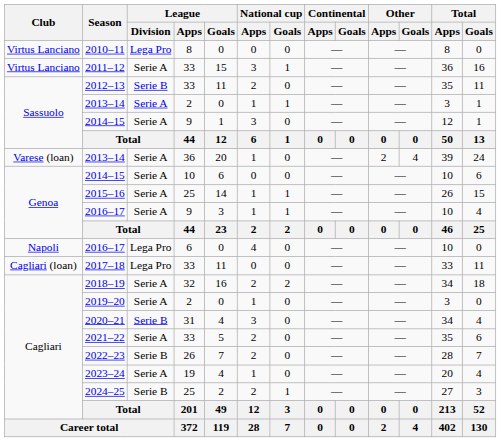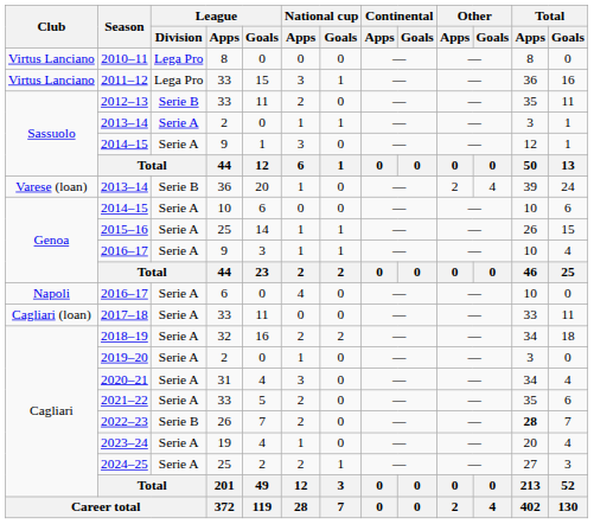 <table class="wikitable" style="text-align: center;">
 <tr>
 <th rowspan="2">Club</th>
 <th rowspan="2">Season</th>
 <th colspan="3">League</th>
 <th colspan="2">National cup</th>
 <th colspan="2">Continental</th>
 <th colspan="2">Other</th>
 <th colspan="2">Total</th>
 </tr>
 <tr>
 <th>Division</th>
 <th>Apps</th>
 <th>Goals</th>
 <th>Apps</th>
 <th>Goals</th>
 <th>Apps</th>
 <th>Goals</th>
 <th>Apps</th>
 <th>Goals</th>
 <th>Apps</th>
 <th>Goals</th>
 </tr>
 <tr>
 <td><a href='#'>Virtus Lanciano</a></td>
 <td><a href='#'>2010–11</a></td>
 <td><a href='#'>Lega Pro</a></td>
 <td>8</td>
 <td>0</td>
 <td>0</td>
 <td>0</td>
 <td colspan="2“">—</td>
 <td colspan="2“">—</td>
 <td>8</td>
 <td>0</td>
 </tr>
 <tr>
 <td><a href='#'>Virtus Lanciano</a></td>
 <td><a href='#'>2011–12</a></td>
-<td>Serie A</td>
+<td>Lega Pro</td>
 <td>33</td>
 <td>15</td>
 <td>3</td>
 <td>1</td>
 <td colspan="2“">—</td>
 <td colspan="2“">—</td>
 <td>36</td>
 <td>16</td>
 </tr>
 <tr>
 <td rowspan="4"><a href='#'>Sassuolo</a></td>
 <td><a href='#'>2012–13</a></td>
 <td><a href='#'>Serie B</a></td>
 <td>33</td>
 <td>11</td>
 <td>2</td>
 <td>0</td>
 <td colspan="2“">—</td>
 <td colspan="2“">—</td>
 <td>35</td>
 <td>11</td>
 </tr>
 <tr>
 <td><a href='#'>2013–14</a></td>
 <td><a href='#'>Serie A</a></td>
 <td>2</td>
 <td>0</td>
 <td>1</td>
 <td>1</td>
 <td colspan="2“">—</td>
 <td colspan="2“">—</td>
 <td>3</td>
 <td>1</td>
 </tr>
 <tr>
 <td><a href='#'>2014–15</a></td>
 <td>Serie A</td>
 <td>9</td>
 <td>1</td>
 <td>3</td>
 <td>0</td>
 <td colspan="2“">—</td>
 <td colspan="2“">—</td>
 <td>12</td>
 <td>1</td>
 </tr>
 <tr>
 <th colspan="2">Total</th>
 <th>44</th>
 <th>12</th>
 <th>6</th>
 <th>1</th>
 <th>0</th>
 <th>0</th>
 <th>0</th>
 <th>0</th>
 <th>50</th>
 <th>13</th>
 </tr>
 <tr>
 <td><a href='#'>Varese</a> (loan)</td>
 <td><a href='#'>2013–14</a></td>
-<td>Serie A</td>
+<td>Serie B</td>
 <td>36</td>
 <td>20</td>
 <td>1</td>
 <td>0</td>
 <td colspan="2“">—</td>
 <td>2</td>
 <td>4</td>
 <td>39</td>
 <td>24</td>
 </tr>
 <tr>
 <td rowspan="4"><a href='#'>Genoa</a></td>
 <td><a href='#'>2014–15</a></td>
 <td>Serie A</td>
 <td>10</td>
 <td>6</td>
 <td>0</td>
 <td>0</td>
 <td colspan="2“">—</td>
 <td colspan="2“">—</td>
 <td>10</td>
 <td>6</td>
 </tr>
 <tr>
 <td><a href='#'>2015–16</a></td>
 <td>Serie A</td>
 <td>25</td>
 <td>14</td>
 <td>1</td>
 <td>1</td>
 <td colspan="2“">—</td>
 <td colspan="2“">—</td>
 <td>26</td>
 <td>15</td>
 </tr>
 <tr>
 <td><a href='#'>2016–17</a></td>
 <td>Serie A</td>
 <td>9</td>
 <td>3</td>
 <td>1</td>
 <td>1</td>
 <td colspan="2“">—</td>
 <td colspan="2“">—</td>
 <td>10</td>
 <td>4</td>
 </tr>
 <tr>
 <th colspan="2">Total</th>
 <th>44</th>
 <th>23</th>
 <th>2</th>
 <th>2</th>
 <th>0</th>
 <th>0</th>
 <th>0</th>
 <th>0</th>
 <th>46</th>
 <th>25</th>
 </tr>
 <tr>
 <td><a href='#'>Napoli</a></td>
 <td><a href='#'>2016–17</a></td>
-<td>Lega Pro</td>
+<td>Serie A</td>
 <td>6</td>
 <td>0</td>
 <td>4</td>
 <td>0</td>
 <td colspan="2“">—</td>
 <td colspan="2“">—</td>
 <td>10</td>
 <td>0</td>
 </tr>
 <tr>
 <td><a href='#'>Cagliari</a> (loan)</td>
 <td><a href='#'>2017–18</a></td>
-<td>Lega Pro</td>
+<td>Serie A</td>
 <td>33</td>
 <td>11</td>
 <td>0</td>
 <td>0</td>
 <td colspan="2“">—</td>
 <td colspan="2“">—</td>
 <td>33</td>
 <td>11</td>
 </tr>
 <tr>
 <td rowspan="8">Cagliari</td>
 <td><a href='#'>2018–19</a></td>
 <td>Serie A</td>
 <td>32</td>
 <td>16</td>
 <td>2</td>
 <td>2</td>
 <td colspan="2“">—</td>
 <td colspan="2“">—</td>
 <td>34</td>
 <td>18</td>
 </tr>
 <tr>
 <td><a href='#'>2019–20</a></td>
 <td>Serie A</td>
 <td>2</td>
 <td>0</td>
 <td>1</td>
 <td>0</td>
 <td colspan="2“">—</td>
 <td colspan="2“">—</td>
 <td>3</td>
 <td>0</td>
 </tr>
 <tr>
 <td><a href='#'>2020–21</a></td>
-<td><a href='#'>Serie B</a></td>
+<td>Serie A</td>
 <td>31</td>
 <td>4</td>
 <td>3</td>
 <td>0</td>
 <td colspan="2“">—</td>
 <td colspan="2“">—</td>
 <td>34</td>
 <td>4</td>
 </tr>
 <tr>
 <td><a href='#'>2021–22</a></td>
 <td>Serie A</td>
 <td>33</td>
 <td>5</td>
 <td>2</td>
 <td>0</td>
 <td colspan="2“">—</td>
 <td colspan="2“">—</td>
 <td>35</td>
 <td>6</td>
 </tr>
 <tr>
 <td><a href='#'>2022–23</a></td>
 <td>Serie B</td>
 <td>26</td>
 <td>7</td>
 <td>2</td>
 <td>0</td>
 <td colspan="2“">—</td>
 <td colspan="2“">—</td>
-<td>28</td>
+<td><strong>28</strong></td>
 <td>7</td>
 </tr>
 <tr>
 <td><a href='#'>2023–24</a></td>
 <td>Serie A</td>
 <td>19</td>
 <td>4</td>
 <td>1</td>
 <td>0</td>
 <td colspan="2“">—</td>
 <td colspan="2“">—</td>
 <td>20</td>
 <td>4</td>
 </tr>
 <tr>
 <td><a href='#'>2024–25</a></td>
-<td>Serie B</td>
+<td>Serie A</td>
 <td>25</td>
 <td>2</td>
 <td>2</td>
 <td>1</td>
 <td colspan="2“">—</td>
 <td colspan="2“">—</td>
 <td>27</td>
 <td>3</td>
 </tr>
 <tr>
 <th colspan="2">Total</th>
 <th>201</th>
 <th>49</th>
 <th>12</th>
 <th>3</th>
 <th>0</th>
 <th>0</th>
 <th>0</th>
 <th>0</th>
 <th>213</th>
 <th>52</th>
 </tr>
 <tr>
 <th colspan="3">Career total</th>
 <th>372</th>
 <th>119</th>
 <th>28</th>
 <th>7</th>
 <th>0</th>
 <th>0</th>
 <th>2</th>
 <th>4</th>
 <th>402</th>
 <th>130</th>
 </tr>
 </table>
